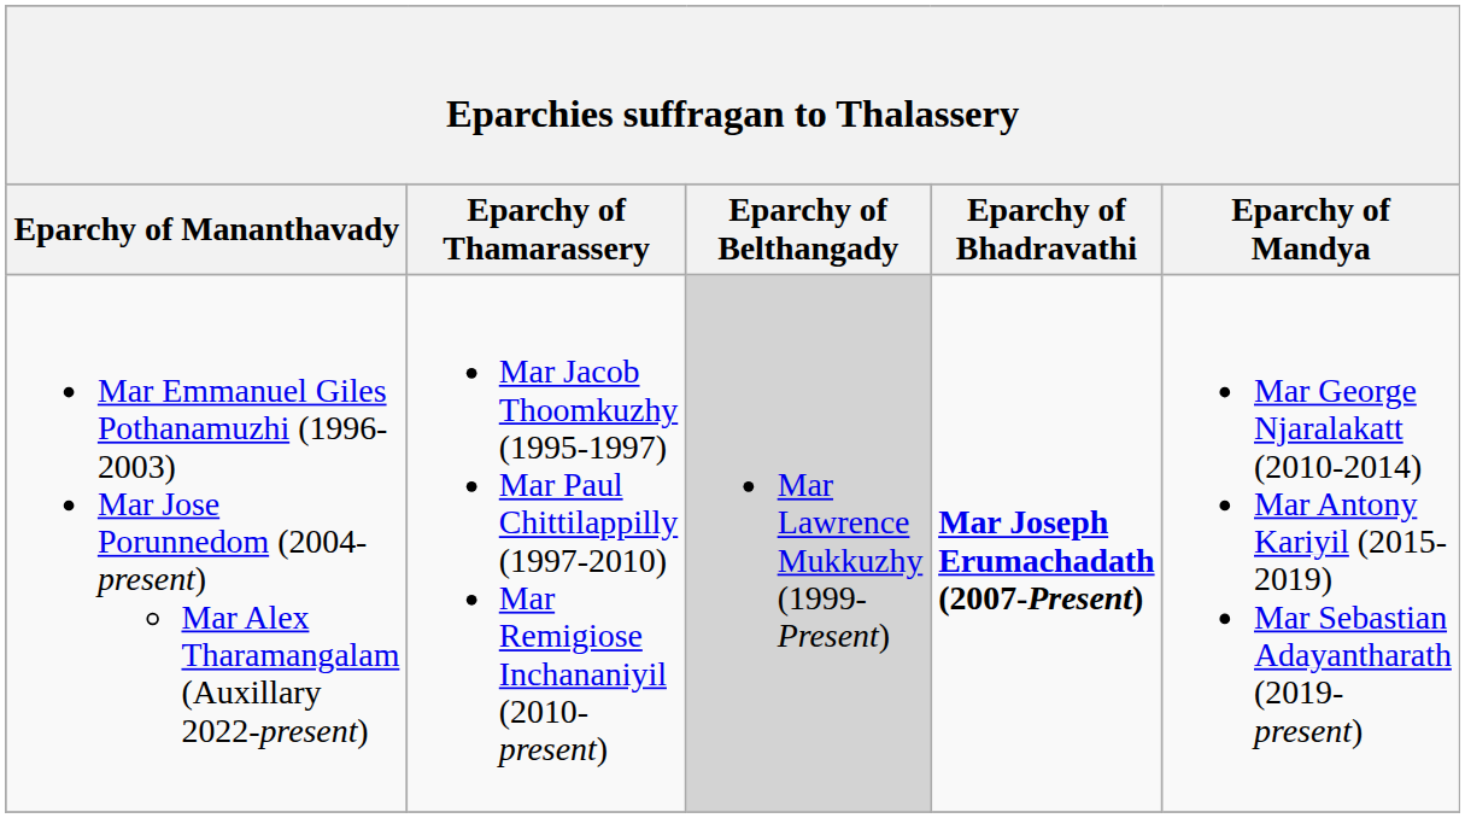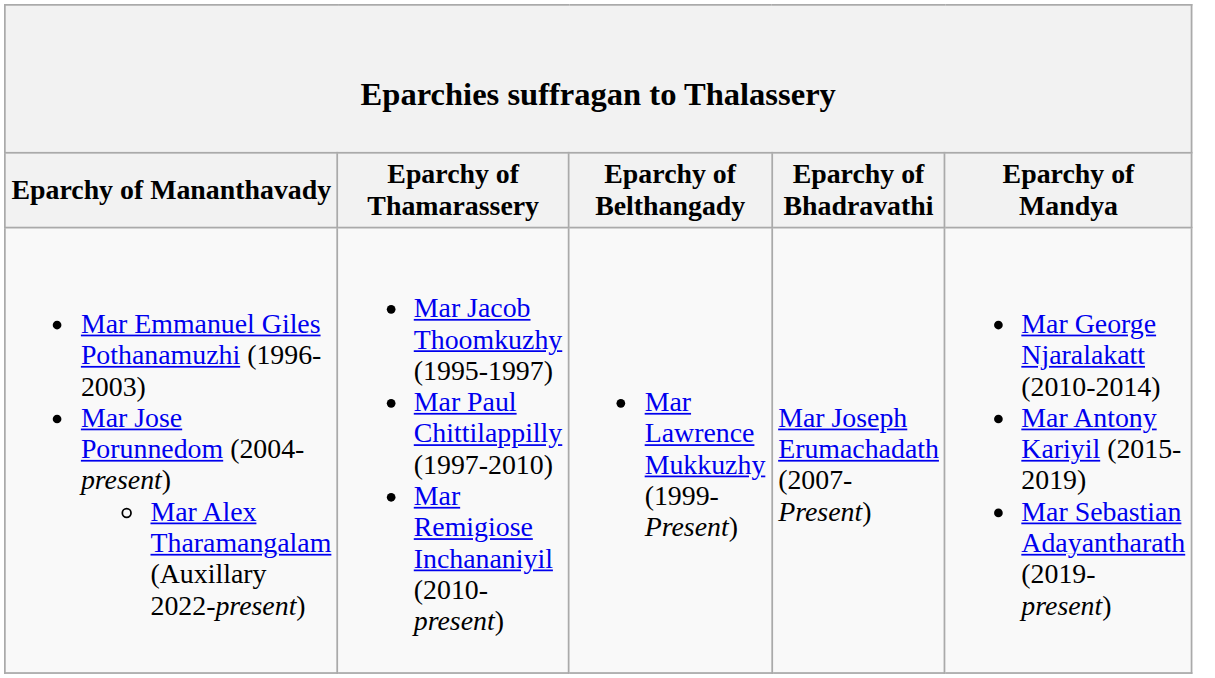 <table class="wikitable sortable">
 <tr>
 <th colspan="5"><br><h3>Eparchies suffragan to Thalassery</h3></th>
 </tr>
 <tr>
 <th>Eparchy of Mananthavady</th>
 <th>Eparchy of Thamarassery</th>
 <th>Eparchy of Belthangady</th>
 <th>Eparchy of Bhadravathi</th>
 <th>Eparchy of Mandya</th>
 </tr>
 <tr>
 <td><br><ul><li><a href='#'>Mar Emmanuel Giles Pothanamuzhi</a> (1996-2003)</li><li><a href='#'> Mar Jose Porunnedom</a> (2004-<em>present</em>)<ul><li><a href='#'> Mar Alex Tharamangalam</a> (Auxillary 2022-<em>present</em>)</li></ul></li></ul></td>
 <td><br><ul><li><a href='#'> Mar Jacob Thoomkuzhy</a> (1995-1997)</li><li><a href='#'>Mar Paul Chittilappilly</a> (1997-2010)</li><li><a href='#'> Mar Remigiose Inchananiyil</a> (2010-<em>present</em>)</li></ul></td>
-<td style="background: lightgrey;"><br><ul><li><a href='#'>Mar Lawrence Mukkuzhy</a> (1999-<em>Present</em>)</li></ul></td>
-<td><strong><br><a href='#'>Mar Joseph Erumachadath</a> (2007-<em>Present</em>)</strong></td>
+<td><br><ul><li><a href='#'>Mar Lawrence Mukkuzhy</a> (1999-<em>Present</em>)</li></ul></td>
+<td><br><a href='#'>Mar Joseph Erumachadath</a> (2007-<em>Present</em>)</td>
 <td><br><ul><li><a href='#'>Mar George Njaralakatt</a> (2010-2014)</li><li><a href='#'>Mar Antony Kariyil</a> (2015-2019)</li><li><a href='#'>Mar Sebastian Adayantharath</a> (2019-<em>present</em>)</li></ul></td>
 </tr>
 </table>
